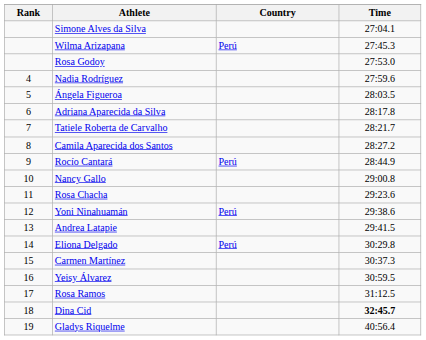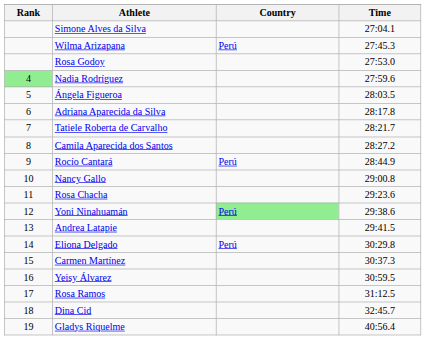 <table class="wikitable sortable" style=" text-align:center; font-size:95%;" width="50%">
 <tr>
 </tr>
 <tr>
 <th width=5%>Rank</th>
 <th width=20%>Athlete</th>
 <th width=15%>Country</th>
 <th width=10%>Time</th>
 </tr>
 <tr>
 <td align=center></td>
 <td align=left><a href='#'>Simone Alves da Silva</a></td>
 <td align=left></td>
 <td>27:04.1</td>
 </tr>
 <tr>
 <td align=center></td>
 <td align=left><a href='#'>Wilma Arizapana</a></td>
 <td align=left> <a href='#'>Perú</a></td>
 <td>27:45.3</td>
 </tr>
 <tr>
 <td align=center></td>
 <td align=left><a href='#'>Rosa Godoy</a></td>
 <td align=left></td>
 <td>27:53.0</td>
 </tr>
 <tr>
-<td align=center>4</td>
+<td align=center style="background: lightgreen;">4</td>
 <td align=left><a href='#'>Nadia Rodríguez</a></td>
 <td align=left></td>
 <td>27:59.6</td>
 </tr>
 <tr>
 <td align=center>5</td>
 <td align=left><a href='#'>Ángela Figueroa</a></td>
 <td align=left></td>
 <td>28:03.5</td>
 </tr>
 <tr>
 <td align=center>6</td>
 <td align=left><a href='#'>Adriana Aparecida da Silva</a></td>
 <td align=left></td>
 <td>28:17.8</td>
 </tr>
 <tr>
 <td align=center>7</td>
 <td align=left><a href='#'>Tatiele Roberta de Carvalho</a></td>
 <td align=left></td>
 <td>28:21.7</td>
 </tr>
 <tr>
 <td align=center>8</td>
 <td align=left><a href='#'>Camila Aparecida dos Santos</a></td>
 <td align=left></td>
 <td>28:27.2</td>
 </tr>
 <tr>
 <td align=center>9</td>
 <td align=left><a href='#'>Rocío Cantará</a></td>
 <td align=left> <a href='#'>Perú</a></td>
 <td>28:44.9</td>
 </tr>
 <tr>
 <td align=center>10</td>
 <td align=left><a href='#'>Nancy Gallo</a></td>
 <td align=left></td>
 <td>29:00.8</td>
 </tr>
 <tr>
 <td align=center>11</td>
 <td align=left><a href='#'>Rosa Chacha</a></td>
 <td align=left></td>
 <td>29:23.6</td>
 </tr>
 <tr>
 <td align=center>12</td>
 <td align=left><a href='#'>Yoni Ninahuamán</a></td>
-<td align=left> <a href='#'>Perú</a></td>
+<td align=left style="background: lightgreen;"> <a href='#'>Perú</a></td>
 <td>29:38.6</td>
 </tr>
 <tr>
 <td align=center>13</td>
 <td align=left><a href='#'>Andrea Latapie</a></td>
 <td align=left></td>
 <td>29:41.5</td>
 </tr>
 <tr>
 <td align=center>14</td>
 <td align=left><a href='#'>Eliona Delgado</a></td>
 <td align=left> <a href='#'>Perú</a></td>
 <td>30:29.8</td>
 </tr>
 <tr>
 <td align=center>15</td>
 <td align=left><a href='#'>Carmen Martínez</a></td>
 <td align=left></td>
 <td>30:37.3</td>
 </tr>
 <tr>
 <td align=center>16</td>
 <td align=left><a href='#'>Yeisy Álvarez</a></td>
 <td align=left></td>
 <td>30:59.5</td>
 </tr>
 <tr>
 <td align=center>17</td>
 <td align=left><a href='#'>Rosa Ramos</a></td>
 <td align=left></td>
 <td>31:12.5</td>
 </tr>
 <tr>
 <td align=center>18</td>
 <td align=left><a href='#'>Dina Cid</a></td>
 <td align=left></td>
-<td><strong>32:45.7</strong></td>
+<td>32:45.7</td>
 </tr>
 <tr>
 <td align=center>19</td>
 <td align=left><a href='#'>Gladys Riquelme</a></td>
 <td align=left></td>
 <td>40:56.4</td>
 </tr>
 </table>
